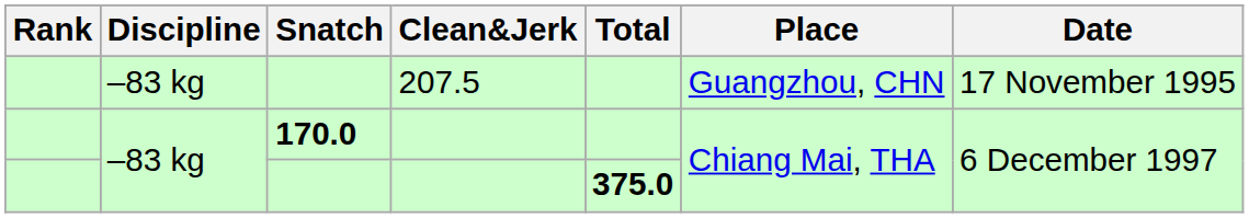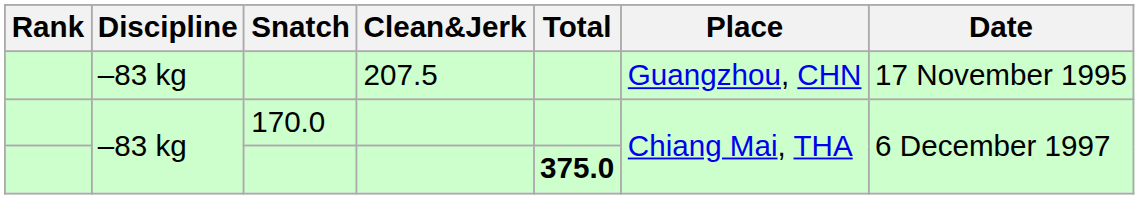 <table class="wikitable">
 <tr>
 <th>Rank</th>
 <th>Discipline</th>
 <th>Snatch</th>
 <th>Clean&Jerk</th>
 <th>Total</th>
 <th>Place</th>
 <th>Date</th>
 </tr>
 <tr bgcolor=#CCFFCC>
 <td></td>
 <td>–83 kg</td>
 <td></td>
 <td>207.5</td>
 <td></td>
 <td><a href='#'>Guangzhou</a>, <a href='#'>CHN</a></td>
 <td>17 November 1995</td>
 </tr>
 <tr bgcolor=#CCFFCC>
 <td></td>
 <td rowspan=2>–83 kg</td>
-<td><strong>170.0</strong></td>
+<td>170.0</td>
 <td></td>
 <td></td>
 <td rowspan=2><a href='#'>Chiang Mai</a>, <a href='#'>THA</a></td>
 <td rowspan=2>6 December 1997</td>
 </tr>
 <tr bgcolor=#CCFFCC>
 <td><strong></strong></td>
 <td></td>
 <td></td>
 <td><strong>375.0</strong></td>
 </tr>
 </table>
